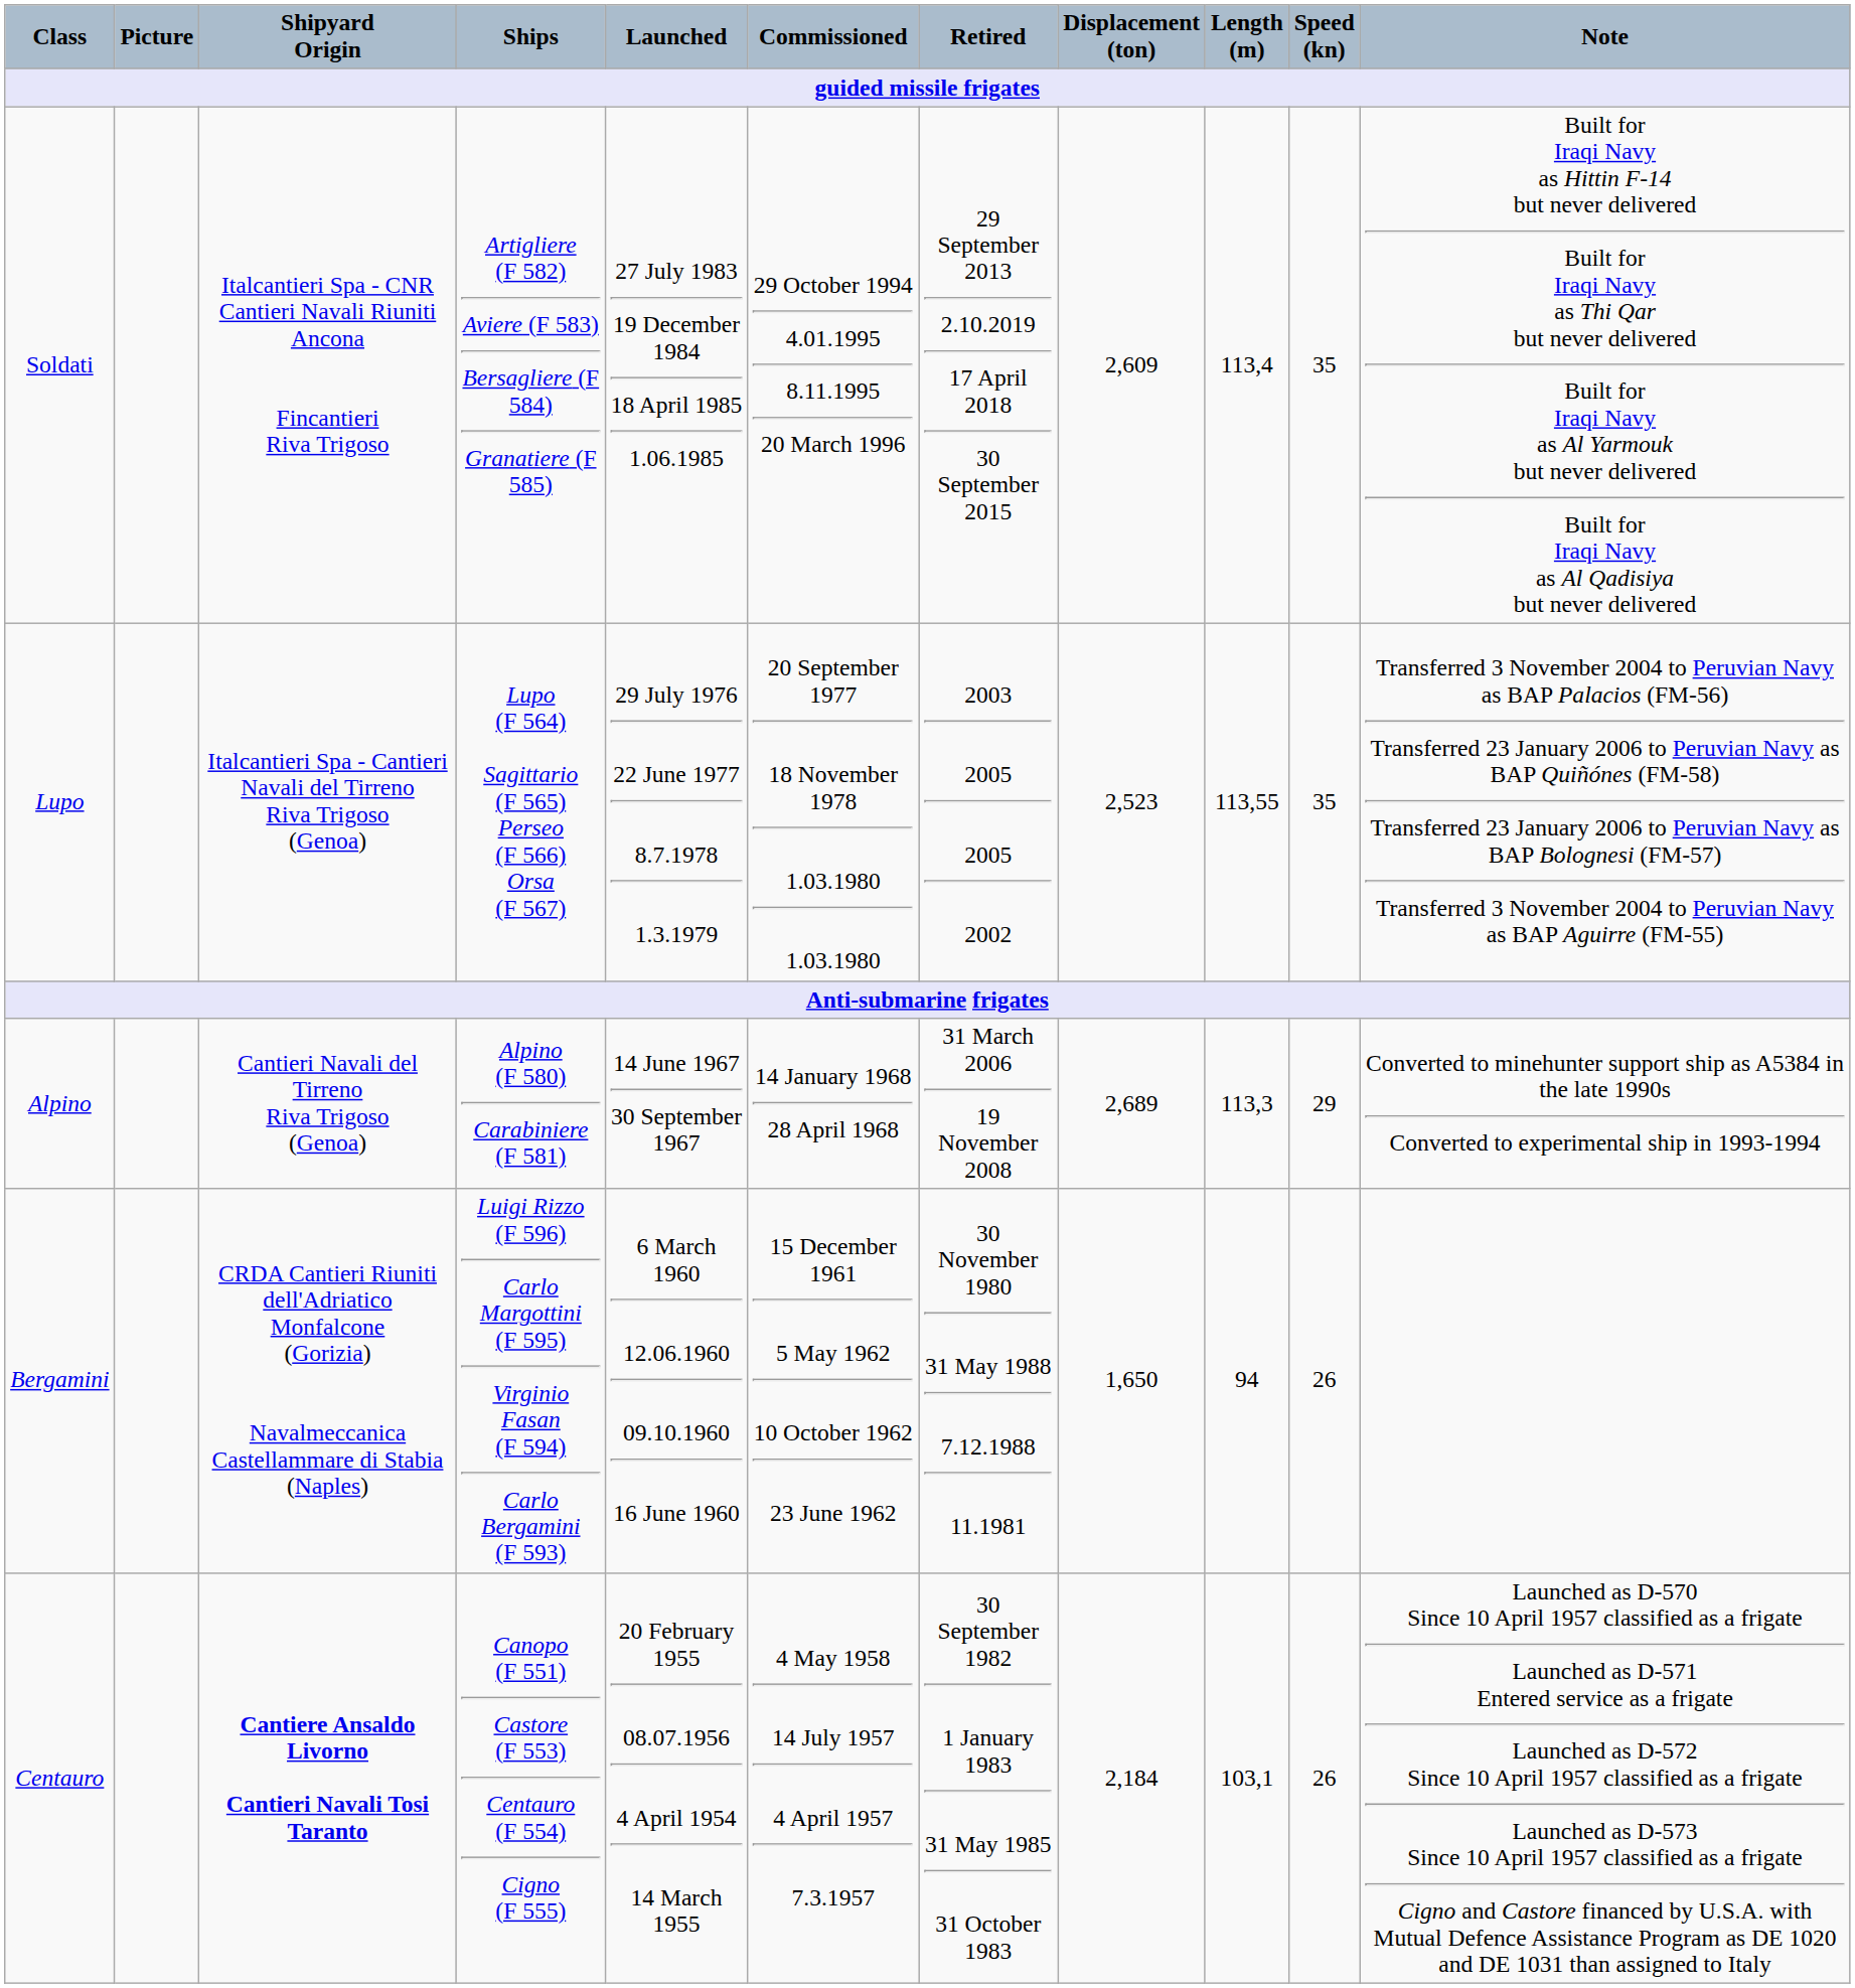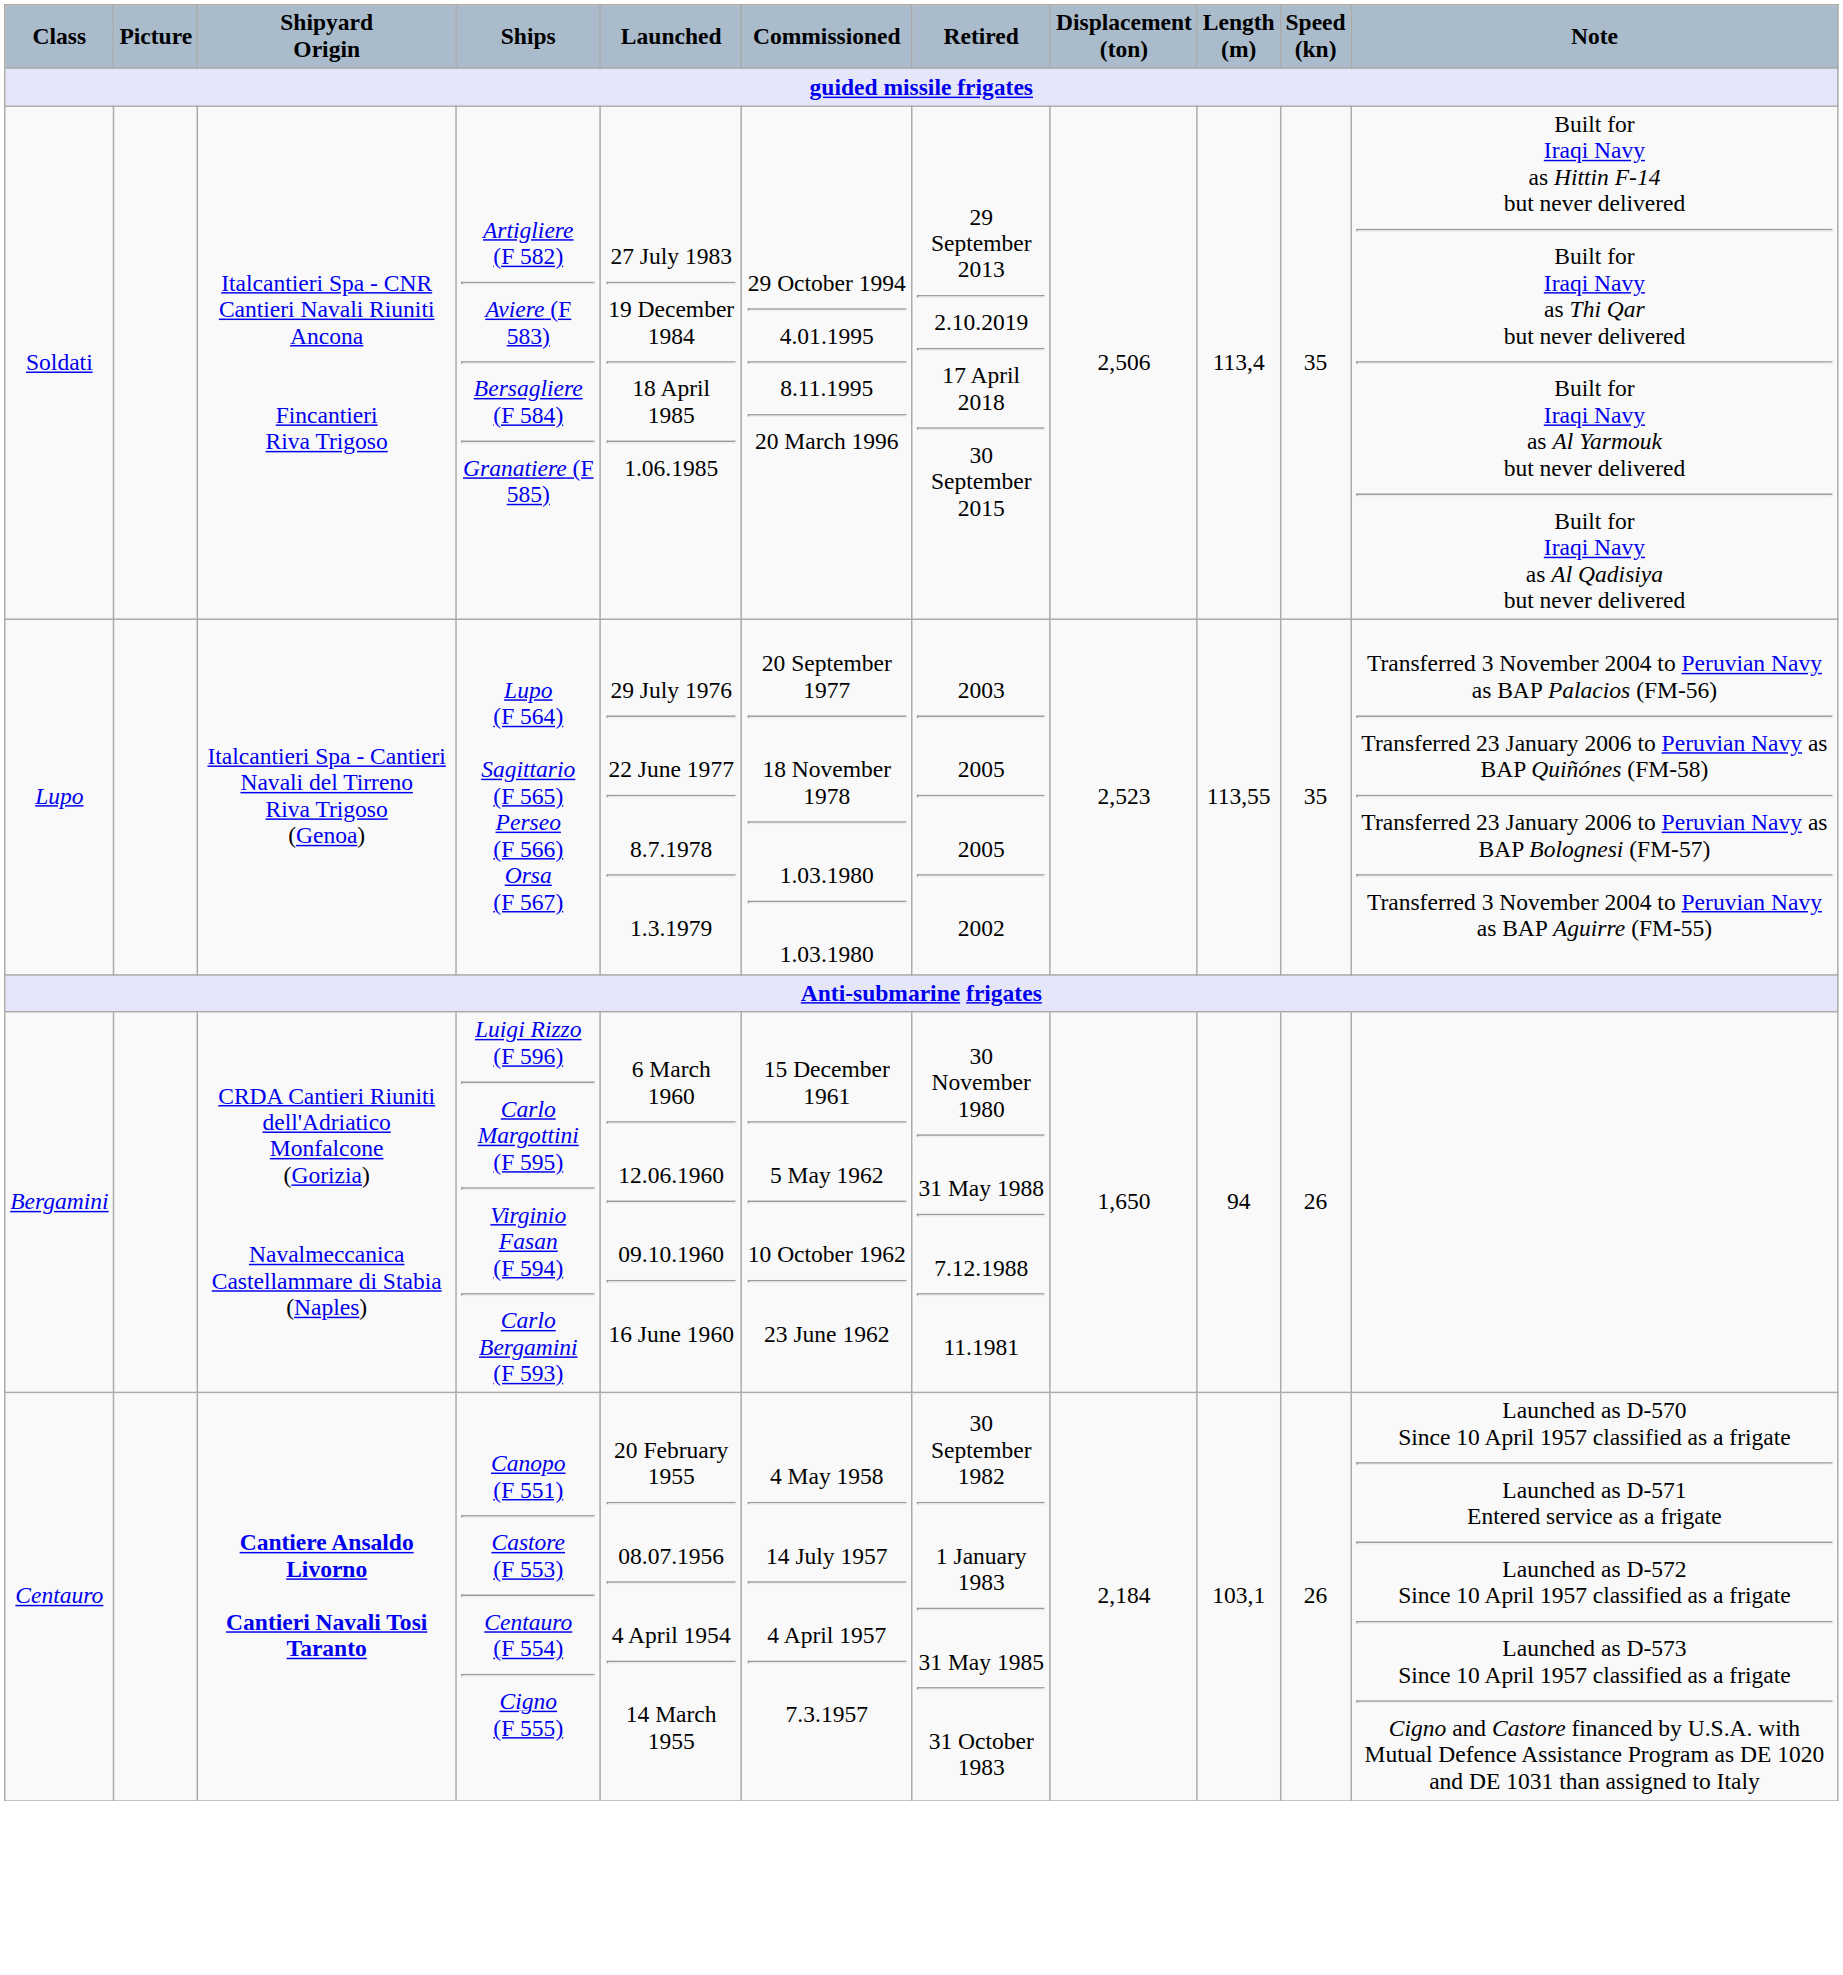 <table class="wikitable" style="text-align:center;">
 <tr>
 <th style="text-align: central; background: #aabccc;">Class</th>
 <th style="text-align: central; background: #aabccc;">Picture</th>
 <th style="text-align: central; background: #aabccc;">Shipyard<br>Origin</th>
 <th style="text-align: central; background: #aabccc;">Ships</th>
 <th style="text-align: central; background: #aabccc;">Launched</th>
 <th style="text-align: central; background: #aabccc;">Commissioned</th>
 <th style="text-align: central; background: #aabccc;">Retired</th>
 <th style="text-align: central; background: #aabccc;">Displacement<br>(ton)</th>
 <th style="text-align: central; background: #aabccc;">Length<br>(m)</th>
 <th style="text-align: central; background: #aabccc;">Speed<br>(kn)</th>
 <th style="text-align: central; background: #aabccc;">Note</th>
 </tr>
 <tr>
 <th style="align: center; background: lavender;" colspan="11"><strong><a href='#'>guided missile frigates</a></strong></th>
 </tr>
 <tr>
 <td><a href='#'>Soldati</a></td>
 <td></td>
 <td><a href='#'>Italcantieri Spa - CNR Cantieri Navali Riuniti</a><br><a href='#'>Ancona</a><br><br><br><a href='#'>Fincantieri</a><br><a href='#'>Riva Trigoso</a><br></td>
 <td><a href='#'><em>Artigliere</em><br>(F 582)</a><br><hr><a href='#'><em>Aviere</em> (F 583)</a><hr><a href='#'><em>Bersagliere</em> (F 584)</a><hr><a href='#'><em>Granatiere</em> (F 585)</a></td>
 <td>27 July 1983<hr>19 December 1984<hr>18 April 1985<hr>1.06.1985</td>
 <td>29 October 1994<hr>4.01.1995<hr>8.11.1995<hr>20 March 1996</td>
 <td>29 September 2013<hr>2.10.2019<hr>17 April 2018<hr>30 September 2015</td>
-<td>2,609</td>
+<td>2,506</td>
 <td>113,4</td>
 <td>35</td>
 <td>Built for<br><a href='#'>Iraqi Navy</a><br>as <em>Hittin F-14</em><br>but never delivered<hr>Built for<br><a href='#'>Iraqi Navy</a><br>as <em>Thi Qar</em><br>but never delivered<hr>Built for<br><a href='#'>Iraqi Navy</a><br>as <em>Al Yarmouk</em><br>but never delivered<hr>Built for<br><a href='#'>Iraqi Navy</a><br>as <em>Al Qadisiya</em><br>but never delivered</td>
 </tr>
 <tr>
 <td><a href='#'><em>Lupo</em></a></td>
 <td></td>
 <td><a href='#'>Italcantieri Spa - Cantieri Navali del Tirreno</a><br><a href='#'>Riva Trigoso</a><br>(<a href='#'>Genoa</a>)<br></td>
 <td><a href='#'><em>Lupo</em><br>(F 564)</a><br><br><a href='#'><em>Sagittario</em><br>(F 565)</a><br><a href='#'><em>Perseo</em><br>(F 566)</a><br><a href='#'><em>Orsa</em><br>(F 567)</a><br></td>
 <td><br>29 July 1976<hr><br>22 June 1977<br><hr><br>8.7.1978<hr><br>1.3.1979</td>
 <td><br>20 September 1977<hr><br>18 November 1978<br><hr><br>1.03.1980<hr><br>1.03.1980</td>
 <td><br>2003<hr><br>2005<br><hr><br>2005<hr><br>2002</td>
 <td>2,523</td>
 <td>113,55</td>
 <td>35</td>
 <td>Transferred 3 November 2004 to <a href='#'>Peruvian Navy</a> as BAP <em>Palacios</em> (FM-56)<hr>Transferred 23 January 2006 to <a href='#'>Peruvian Navy</a> as BAP <em>Quiñónes</em> (FM-58)<hr>Transferred 23 January 2006 to <a href='#'>Peruvian Navy</a> as BAP <em>Bolognesi</em> (FM-57)<hr>Transferred 3 November 2004 to <a href='#'>Peruvian Navy</a> as BAP <em>Aguirre</em> (FM-55)</td>
 </tr>
 <tr>
 <th style="align: center; background: lavender;" colspan="11"><strong><a href='#'>Anti-submarine</a> <a href='#'>frigates</a></strong></th>
-</tr>
-<tr>
-<td><a href='#'><em>Alpino</em></a></td>
-<td></td>
-<td><a href='#'>Cantieri Navali del Tirreno</a><br><a href='#'>Riva Trigoso</a><br>(<a href='#'>Genoa</a>)<br></td>
-<td><a href='#'><em>Alpino</em><br>(F 580)</a><br><hr><a href='#'><em>Carabiniere</em><br>(F 581)</a><br></td>
-<td>14 June 1967<hr>30 September 1967</td>
-<td>14 January 1968<hr>28 April 1968</td>
-<td>31 March 2006<hr>19 November 2008</td>
-<td>2,689</td>
-<td>113,3</td>
-<td>29</td>
-<td>Converted to minehunter support ship as A5384 in the late 1990s<hr>Converted to experimental ship in 1993-1994</td>
 </tr>
 <tr>
 <td><a href='#'><em>Bergamini</em></a></td>
 <td></td>
 <td><a href='#'>CRDA Cantieri Riuniti dell'Adriatico</a><br><a href='#'>Monfalcone</a><br>(<a href='#'>Gorizia</a>)<br><br><br><a href='#'>Navalmeccanica</a><br><a href='#'>Castellammare di Stabia</a><br>(<a href='#'>Naples</a>)<br></td>
 <td><a href='#'><em>Luigi Rizzo</em><br>(F 596)</a><br><hr><a href='#'><em>Carlo Margottini</em><br>(F 595)</a><br><hr><a href='#'><em>Virginio Fasan</em><br>(F 594)</a><br><hr><a href='#'><em>Carlo Bergamini</em><br>(F 593)</a><br></td>
 <td>6 March 1960<br><hr><br>12.06.1960<hr><br>09.10.1960<hr><br>16 June 1960</td>
 <td>15 December 1961<br><hr><br>5 May 1962<hr><br>10 October 1962<hr><br>23 June 1962</td>
 <td>30 November 1980<br><hr><br>31 May 1988<hr><br>7.12.1988<hr><br>11.1981</td>
 <td>1,650</td>
 <td>94</td>
 <td>26</td>
 <td></td>
 </tr>
 <tr>
 <td><a href='#'><em>Centauro</em></a></td>
 <td></td>
 <td><strong><a href='#'>Cantiere Ansaldo</a><br><a href='#'>Livorno</a><br><br><a href='#'>Cantieri Navali Tosi</a><br><a href='#'>Taranto</a><br></strong></td>
 <td><a href='#'><em>Canopo</em><br>(F 551)</a><br><hr><a href='#'><em>Castore</em><br>(F 553)</a><br><hr><a href='#'><em>Centauro</em><br>(F 554)</a><br><hr><a href='#'><em>Cigno</em><br>(F 555)</a><br></td>
 <td>20 February 1955<br><hr><br>08.07.1956<hr><br>4 April 1954<hr><br>14 March 1955</td>
 <td>4 May 1958<br><hr><br>14 July 1957<hr><br>4 April 1957<hr><br>7.3.1957</td>
 <td>30 September 1982<br><hr><br>1 January 1983<hr><br>31 May 1985<hr><br>31 October 1983</td>
 <td>2,184</td>
 <td>103,1</td>
 <td>26</td>
 <td>Launched as D-570<br>Since 10 April 1957 classified as a frigate<hr>Launched as D-571<br>Entered service as a frigate<hr>Launched as D-572<br>Since 10 April 1957 classified as a frigate<hr>Launched as D-573<br>Since 10 April 1957 classified as a frigate<hr><em>Cigno</em> and <em>Castore</em> financed by U.S.A. with Mutual Defence Assistance Program as DE 1020 and DE 1031  than assigned to Italy</td>
 </tr>
 </table>
